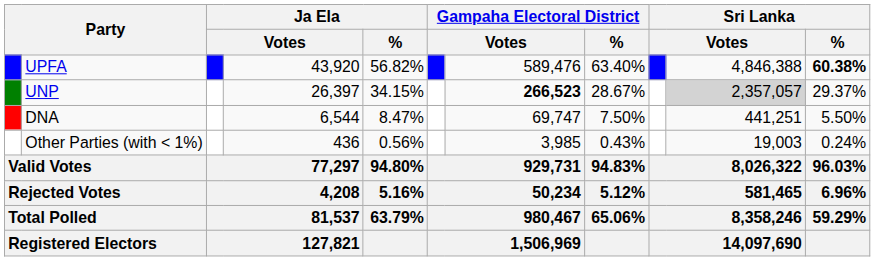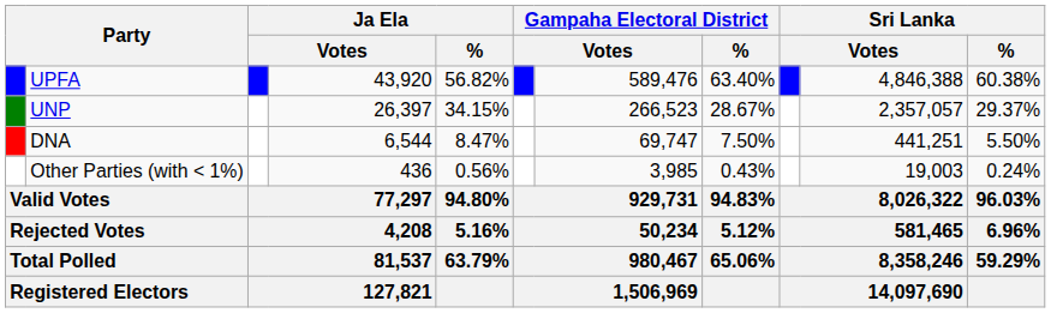 <table class="wikitable">
 <tr>
 <th colspan="2" width="144px"rowspan="2">Party</th>
 <th colspan="3" width="216px">Ja Ela</th>
 <th colspan="3" width="216px"><a href='#'>Gampaha Electoral District</a></th>
 <th colspan="3" width="216px">Sri Lanka</th>
 </tr>
 <tr>
 <th colspan="2" width="144px">Votes</th>
 <th>%</th>
 <th colspan="2" width="144px">Votes</th>
 <th>%</th>
 <th colspan="2" width="144px">Votes</th>
 <th>%</th>
 </tr>
 <tr>
 <td style="background-color:blue;" width="10px"></td>
 <td style="text-align:left;"><a href='#'>UPFA</a></td>
 <td style="background-color:blue;" width="10px"></td>
 <td style="text-align:right;">43,920</td>
 <td style="text-align:right;">56.82%</td>
 <td style="background-color:blue;" width="10px"></td>
 <td style="text-align:right;">589,476</td>
 <td style="text-align:right;">63.40%</td>
 <td style="background-color:blue;" width="10px"></td>
 <td style="text-align:right;">4,846,388</td>
-<td style="text-align:right;"><strong>60.38%</strong></td>
+<td style="text-align:right;">60.38%</td>
 </tr>
 <tr>
 <td style="background-color:green;" width="10px"></td>
 <td style="text-align:left;"><a href='#'>UNP</a></td>
 <td style="background-color:white;" width="10px"></td>
 <td style="text-align:right;">26,397</td>
 <td style="text-align:right;">34.15%</td>
 <td style="background-color:white;" width="10px"></td>
-<td style="text-align:right;"><strong>266,523</strong></td>
+<td style="text-align:right;">266,523</td>
 <td style="text-align:right;">28.67%</td>
 <td style="background-color:white;" width="10px"></td>
-<td style="background: lightgrey; text-align:right;">2,357,057</td>
+<td style="text-align:right;">2,357,057</td>
 <td style="text-align:right;">29.37%</td>
 </tr>
 <tr>
 <td style="background-color:red;" width="10px"></td>
 <td style="text-align:left;">DNA</td>
 <td style="background-color:white;" width="10px"></td>
 <td style="text-align:right;">6,544</td>
 <td style="text-align:right;">8.47%</td>
 <td style="background-color:white;" width="10px"></td>
 <td style="text-align:right;">69,747</td>
 <td style="text-align:right;">7.50%</td>
 <td style="background-color:white;" width="10px"></td>
 <td style="text-align:right;">441,251</td>
 <td style="text-align:right;">5.50%</td>
 </tr>
 <tr>
 <td style="background-color:white;" width="10px"></td>
 <td style="text-align:left;">Other Parties (with < 1%)</td>
 <td style="background-color:white;" width="10px"></td>
 <td style="text-align:right;">436</td>
 <td style="text-align:right;">0.56%</td>
 <td style="background-color:white;" width="10px"></td>
 <td style="text-align:right;">3,985</td>
 <td style="text-align:right;">0.43%</td>
 <td style="background-color:white;" width="10px"></td>
 <td style="text-align:right;">19,003</td>
 <td style="text-align:right;">0.24%</td>
 </tr>
 <tr>
 <th colspan="2" width="144px"style="text-align:left;">Valid Votes</th>
 <th style="text-align:right;"colspan="2" width="144px">77,297</th>
 <th style="text-align:right;">94.80%</th>
 <th style="text-align:right;"colspan="2" width="144px">929,731</th>
 <th style="text-align:right;">94.83%</th>
 <th style="text-align:right;"colspan="2" width="144px">8,026,322</th>
 <th style="text-align:right;">96.03%</th>
 </tr>
 <tr>
 <th colspan="2" width="144px"style="text-align:left;">Rejected Votes</th>
 <th style="text-align:right;"colspan="2" width="144px">4,208</th>
 <th style="text-align:right;">5.16%</th>
 <th style="text-align:right;"colspan="2" width="144px">50,234</th>
 <th style="text-align:right;">5.12%</th>
 <th style="text-align:right;"colspan="2" width="144px">581,465</th>
 <th style="text-align:right;">6.96%</th>
 </tr>
 <tr>
 <th colspan="2" width="144px"style="text-align:left;">Total Polled</th>
 <th style="text-align:right;"colspan="2" width="144px">81,537</th>
 <th style="text-align:right;">63.79%</th>
 <th style="text-align:right;"colspan="2" width="144px">980,467</th>
 <th style="text-align:right;">65.06%</th>
 <th style="text-align:right;"colspan="2" width="144px">8,358,246</th>
 <th style="text-align:right;">59.29%</th>
 </tr>
 <tr>
 <th colspan="2" width="144px"style="text-align:left;">Registered Electors</th>
 <th style="text-align:right;"colspan="2" width="144px">127,821</th>
 <th></th>
 <th style="text-align:right;"colspan="2" width="144px">1,506,969</th>
 <th></th>
 <th style="text-align:right;"colspan="2" width="144px">14,097,690</th>
 <th></th>
 </tr>
 </table>
